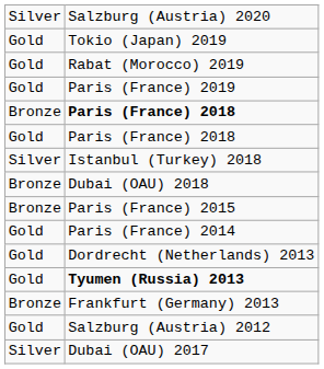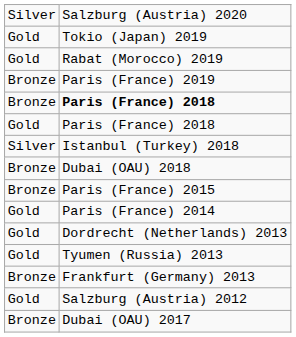 <table class="wikitable">
 <tr>
 <td>Silver</td>
 <td>Salzburg (Austria) 2020</td>
 </tr>
 <tr>
 <td>Gold</td>
 <td>Tokio (Japan) 2019</td>
 </tr>
 <tr>
 <td>Gold</td>
 <td>Rabat (Morocco) 2019</td>
 </tr>
 <tr>
-<td>Gold</td>
+<td>Bronze</td>
 <td>Paris (France) 2019</td>
 </tr>
 <tr>
 <td>Bronze</td>
 <td><strong>Paris (France) 2018</strong></td>
 </tr>
 <tr>
 <td>Gold</td>
 <td>Paris (France) 2018</td>
 </tr>
 <tr>
 <td>Silver</td>
 <td>Istanbul (Turkey) 2018</td>
 </tr>
 <tr>
 <td>Bronze</td>
 <td>Dubai (OAU) 2018</td>
 </tr>
 <tr>
 <td>Bronze</td>
 <td>Paris (France) 2015</td>
 </tr>
 <tr>
 <td>Gold</td>
 <td>Paris (France) 2014</td>
 </tr>
 <tr>
 <td>Gold</td>
 <td>Dordrecht (Netherlands) 2013</td>
 </tr>
 <tr>
 <td>Gold</td>
-<td><strong>Tyumen (Russia) 2013</strong></td>
+<td>Tyumen (Russia) 2013</td>
 </tr>
 <tr>
 <td>Bronze</td>
 <td>Frankfurt (Germany) 2013</td>
 </tr>
 <tr>
 <td>Gold</td>
 <td>Salzburg (Austria) 2012</td>
 </tr>
 <tr>
-<td>Silver</td>
+<td>Bronze</td>
 <td>Dubai (OAU) 2017</td>
 </tr>
 </table>
